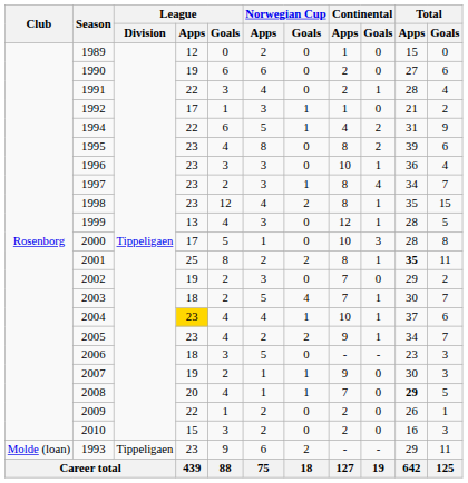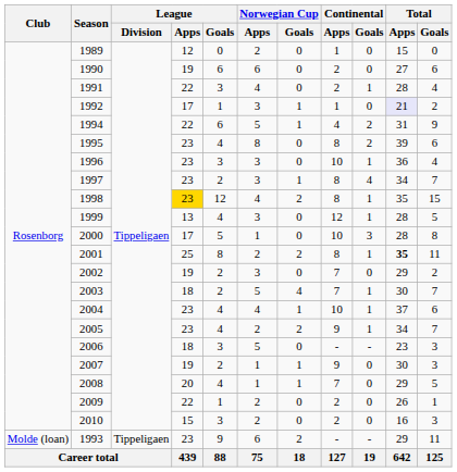 <table class="wikitable" style="text-align:center">
 <tr>
 <th rowspan="2">Club</th>
 <th rowspan="2">Season</th>
 <th colspan="3">League</th>
 <th colspan="2"><a href='#'>Norwegian Cup</a></th>
 <th colspan="2">Continental</th>
 <th colspan="2">Total</th>
 </tr>
 <tr>
 <th>Division</th>
 <th>Apps</th>
 <th>Goals</th>
 <th>Apps</th>
 <th>Goals</th>
 <th>Apps</th>
 <th>Goals</th>
 <th>Apps</th>
 <th>Goals</th>
 </tr>
 <tr>
 <td rowspan="21"><a href='#'>Rosenborg</a></td>
 <td>1989</td>
 <td rowspan="21"><a href='#'>Tippeligaen</a></td>
 <td>12</td>
 <td>0</td>
 <td>2</td>
 <td>0</td>
 <td>1</td>
 <td>0</td>
 <td>15</td>
 <td>0</td>
 </tr>
 <tr>
 <td>1990</td>
 <td>19</td>
 <td>6</td>
 <td>6</td>
 <td>0</td>
 <td>2</td>
 <td>0</td>
 <td>27</td>
 <td>6</td>
 </tr>
 <tr>
 <td>1991</td>
 <td>22</td>
 <td>3</td>
 <td>4</td>
 <td>0</td>
 <td>2</td>
 <td>1</td>
 <td>28</td>
 <td>4</td>
 </tr>
 <tr>
 <td>1992</td>
 <td>17</td>
 <td>1</td>
 <td>3</td>
 <td>1</td>
 <td>1</td>
 <td>0</td>
-<td>21</td>
+<td style="background: lavender;">21</td>
 <td>2</td>
 </tr>
 <tr>
 <td>1994</td>
 <td>22</td>
 <td>6</td>
 <td>5</td>
 <td>1</td>
 <td>4</td>
 <td>2</td>
 <td>31</td>
 <td>9</td>
 </tr>
 <tr>
 <td>1995</td>
 <td>23</td>
 <td>4</td>
 <td>8</td>
 <td>0</td>
 <td>8</td>
 <td>2</td>
 <td>39</td>
 <td>6</td>
 </tr>
 <tr>
 <td>1996</td>
 <td>23</td>
 <td>3</td>
 <td>3</td>
 <td>0</td>
 <td>10</td>
 <td>1</td>
 <td>36</td>
 <td>4</td>
 </tr>
 <tr>
 <td>1997</td>
 <td>23</td>
 <td>2</td>
 <td>3</td>
 <td>1</td>
 <td>8</td>
 <td>4</td>
 <td>34</td>
 <td>7</td>
 </tr>
 <tr>
 <td>1998</td>
-<td>23</td>
+<td style="background: gold;">23</td>
 <td>12</td>
 <td>4</td>
 <td>2</td>
 <td>8</td>
 <td>1</td>
 <td>35</td>
 <td>15</td>
 </tr>
 <tr>
 <td>1999</td>
 <td>13</td>
 <td>4</td>
 <td>3</td>
 <td>0</td>
 <td>12</td>
 <td>1</td>
 <td>28</td>
 <td>5</td>
 </tr>
 <tr>
 <td>2000</td>
 <td>17</td>
 <td>5</td>
 <td>1</td>
 <td>0</td>
 <td>10</td>
 <td>3</td>
 <td>28</td>
 <td>8</td>
 </tr>
 <tr>
 <td>2001</td>
 <td>25</td>
 <td>8</td>
 <td>2</td>
 <td>2</td>
 <td>8</td>
 <td>1</td>
 <td><strong>35</strong></td>
 <td>11</td>
 </tr>
 <tr>
 <td>2002</td>
 <td>19</td>
 <td>2</td>
 <td>3</td>
 <td>0</td>
 <td>7</td>
 <td>0</td>
 <td>29</td>
 <td>2</td>
 </tr>
 <tr>
 <td>2003</td>
 <td>18</td>
 <td>2</td>
 <td>5</td>
 <td>4</td>
 <td>7</td>
 <td>1</td>
 <td>30</td>
 <td>7</td>
 </tr>
 <tr>
 <td>2004</td>
-<td style="background: gold;">23</td>
+<td>23</td>
 <td>4</td>
 <td>4</td>
 <td>1</td>
 <td>10</td>
 <td>1</td>
 <td>37</td>
 <td>6</td>
 </tr>
 <tr>
 <td>2005</td>
 <td>23</td>
 <td>4</td>
 <td>2</td>
 <td>2</td>
 <td>9</td>
 <td>1</td>
 <td>34</td>
 <td>7</td>
 </tr>
 <tr>
 <td>2006</td>
 <td>18</td>
 <td>3</td>
 <td>5</td>
 <td>0</td>
 <td>-</td>
 <td>-</td>
 <td>23</td>
 <td>3</td>
 </tr>
 <tr>
 <td>2007</td>
 <td>19</td>
 <td>2</td>
 <td>1</td>
 <td>1</td>
 <td>9</td>
 <td>0</td>
 <td>30</td>
 <td>3</td>
 </tr>
 <tr>
 <td>2008</td>
 <td>20</td>
 <td>4</td>
 <td>1</td>
 <td>1</td>
 <td>7</td>
 <td>0</td>
-<td><strong>29</strong></td>
+<td>29</td>
 <td>5</td>
 </tr>
 <tr>
 <td>2009</td>
 <td>22</td>
 <td>1</td>
 <td>2</td>
 <td>0</td>
 <td>2</td>
 <td>0</td>
 <td>26</td>
 <td>1</td>
 </tr>
 <tr>
 <td>2010</td>
 <td>15</td>
 <td>3</td>
 <td>2</td>
 <td>0</td>
 <td>2</td>
 <td>0</td>
 <td>16</td>
 <td>3</td>
 </tr>
 <tr>
 <td><a href='#'>Molde</a> (loan)</td>
 <td>1993</td>
 <td>Tippeligaen</td>
 <td>23</td>
 <td>9</td>
 <td>6</td>
 <td>2</td>
 <td>-</td>
 <td>-</td>
 <td>29</td>
 <td>11</td>
 </tr>
 <tr>
 <th colspan="3">Career total</th>
 <th>439</th>
 <th>88</th>
 <th>75</th>
 <th>18</th>
 <th>127</th>
 <th>19</th>
 <th>642</th>
 <th>125</th>
 </tr>
 </table>
